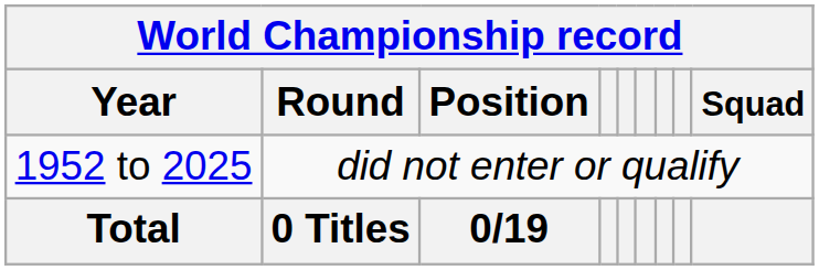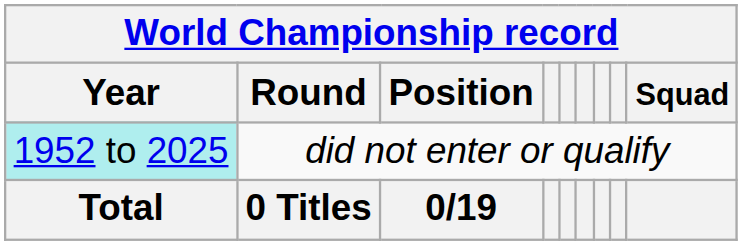 <table class="wikitable" style="text-align: center;">
 <tr>
 <th colspan=9><a href='#'>World Championship record</a></th>
 </tr>
 <tr>
 <th>Year</th>
 <th>Round</th>
 <th>Position</th>
 <th></th>
 <th></th>
 <th></th>
 <th></th>
 <th></th>
 <th><small>Squad</small></th>
 </tr>
 <tr>
-<td> <a href='#'>1952</a> to  <a href='#'>2025</a></td>
+<td style="background: paleturquoise;"> <a href='#'>1952</a> to  <a href='#'>2025</a></td>
 <td colspan=8 rowspan=1 align=center><em>did not enter or qualify</em></td>
 </tr>
 <tr>
 <th>Total</th>
 <th>0 Titles</th>
 <th>0/19</th>
 <th></th>
 <th></th>
 <th></th>
 <th></th>
 <th></th>
 <th></th>
 </tr>
 </table>
